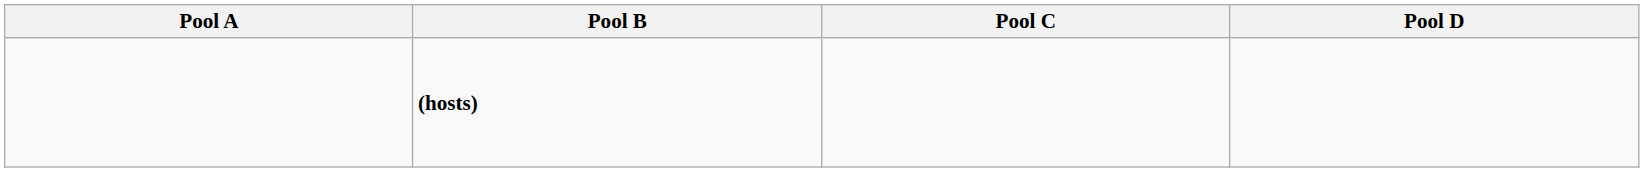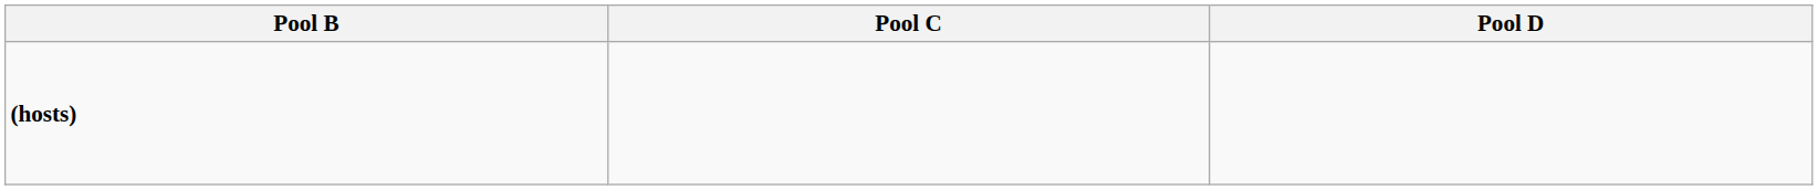 <table class="wikitable" style="width:98%;">
 <tr>
-<th width=20%>Pool A</th>
 <th width=20%>Pool B</th>
 <th width=20%>Pool C</th>
 <th width=20%>Pool D</th>
 </tr>
 <tr>
-<td><br><br> <br> <br> <br></td>
 <td><br><br>  <strong>(hosts)</strong><br> <br> <br></td>
 <td><br><br> <br> <br> <br></td>
 <td><br><br> <br> <br> <br></td>
 </tr>
 </table>
